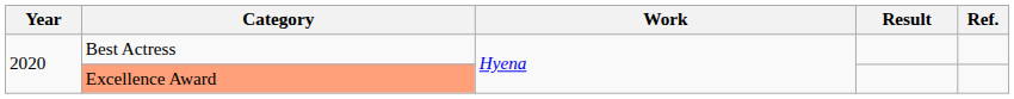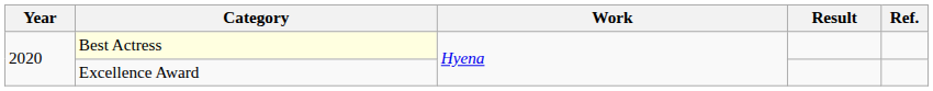 <table class="wikitable sortable plainrowheaders" style="font-size:98%">
 <tr>
 <th scope="col" style="width:6%;">Year</th>
 <th scope="col" style="width:31%;">Category</th>
 <th scope="col" style="width:30%;">Work</th>
 <th scope="col" style="width:8%;">Result</th>
 <th scope="col" style="width:4%;">Ref.</th>
 </tr>
 <tr>
 <td rowspan="2">2020</td>
-<td>Best Actress</td>
+<td style="background: lightyellow;">Best Actress</td>
 <td rowspan="2"><em><a href='#'>Hyena</a></em></td>
 <td></td>
 <td></td>
 </tr>
 <tr>
-<td style="background: lightsalmon;">Excellence Award</td>
+<td>Excellence Award</td>
 <td></td>
 <td></td>
 </tr>
 </table>
